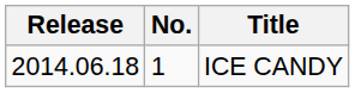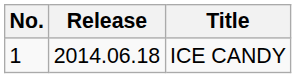 <table class="wikitable">
 <tr>
+<th>No.</th>
 <th>Release</th>
-<th>No.</th>
 <th>Title</th>
 </tr>
 <tr>
+<td>1</td>
 <td>2014.06.18</td>
-<td>1</td>
 <td>ICE CANDY</td>
 </tr>
 </table>
